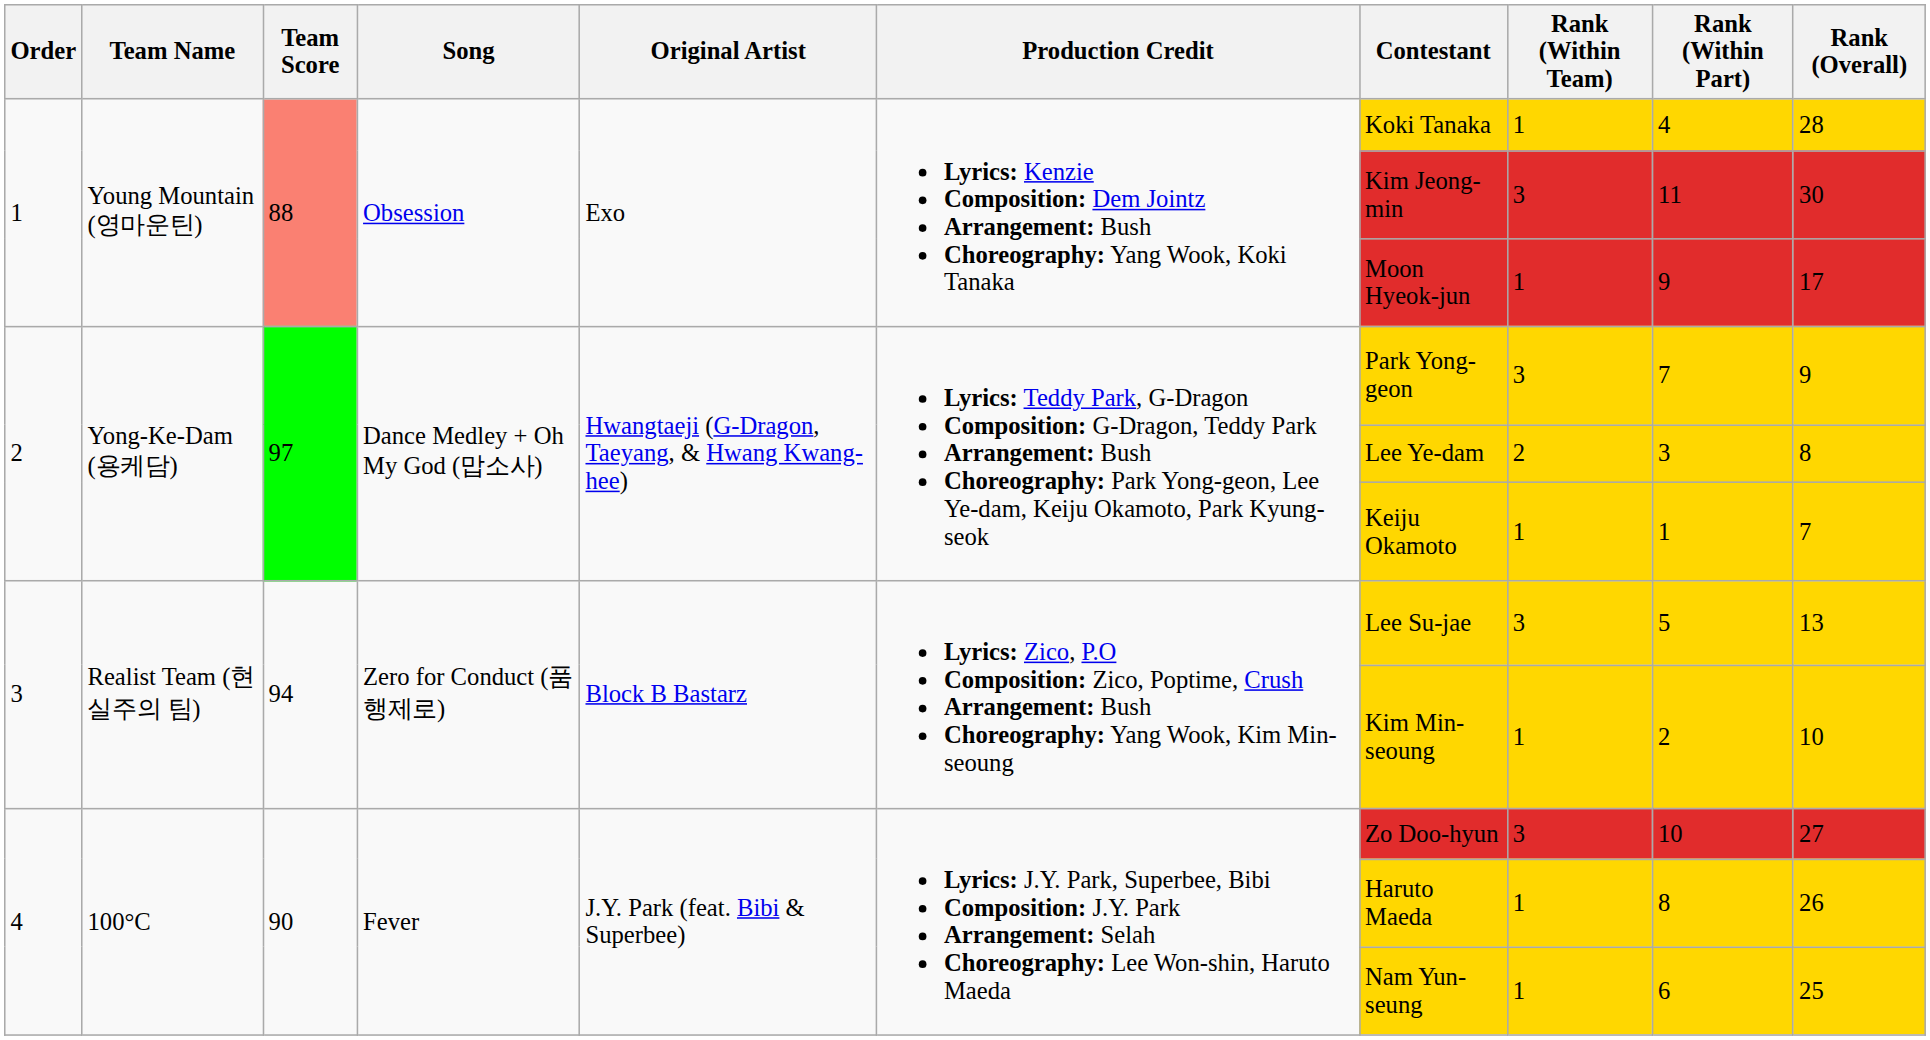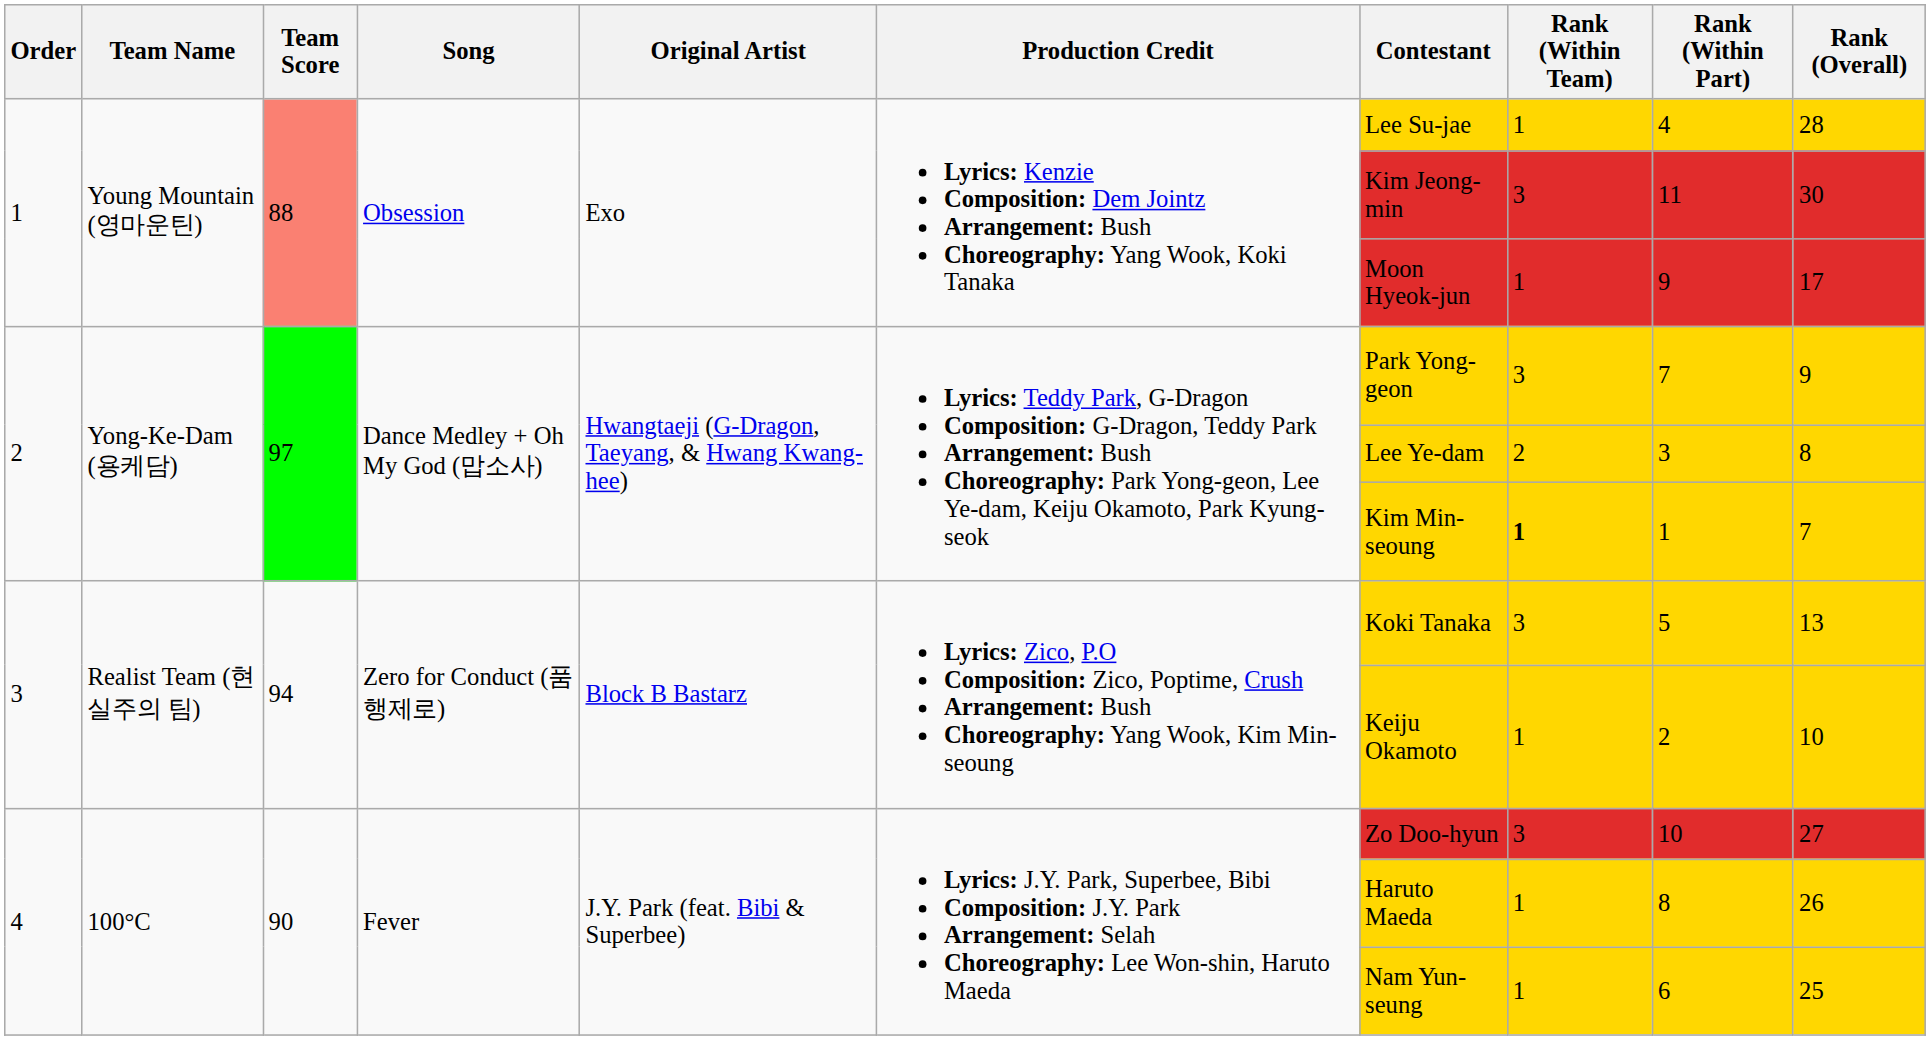 <table class="wikitable">
 <tr>
 <th>Order</th>
 <th>Team Name</th>
 <th>Team Score</th>
 <th>Song</th>
 <th>Original Artist</th>
 <th>Production Credit</th>
 <th>Contestant</th>
 <th>Rank (Within Team)</th>
 <th>Rank (Within Part)</th>
 <th>Rank (Overall)</th>
 </tr>
 <tr>
 <td rowspan="3">1</td>
 <td rowspan="3">Young Mountain (영마운틴)</td>
 <td rowspan="3" style="background:salmon">88</td>
 <td rowspan="3"><a href='#'>Obsession</a></td>
 <td rowspan="3">Exo</td>
 <td rowspan="3"><br><ul><li><strong>Lyrics:</strong> <a href='#'>Kenzie</a></li><li><strong>Composition:</strong> <a href='#'>Dem Jointz</a></li><li><strong>Arrangement:</strong> Bush</li><li><strong>Choreography:</strong> Yang Wook, Koki Tanaka</li></ul></td>
-<td style="background:#FFD700;">Koki Tanaka</td>
+<td style="background:#FFD700;">Lee Su-jae</td>
 <td style="background:#FFD700;">1</td>
 <td style="background:#FFD700;">4</td>
 <td style="background:#FFD700;">28</td>
 </tr>
 <tr style="background:#E12C2C;">
 <td>Kim Jeong-min</td>
 <td>3</td>
 <td>11</td>
 <td>30</td>
 </tr>
 <tr style="background:#E12C2C;">
 <td>Moon Hyeok-jun</td>
 <td>1</td>
 <td>9</td>
 <td>17</td>
 </tr>
 <tr>
 <td rowspan="3">2</td>
 <td rowspan="3">Yong-Ke-Dam (용케담)</td>
 <td rowspan="3" style="background:#00FF00">97</td>
 <td rowspan="3">Dance Medley + Oh My God (맙소사)</td>
 <td rowspan="3"><a href='#'>Hwangtaeji</a> (<a href='#'>G-Dragon</a>, <a href='#'>Taeyang</a>, & <a href='#'>Hwang Kwang-hee</a>)</td>
 <td rowspan="3"><br><ul><li><strong>Lyrics:</strong> <a href='#'>Teddy Park</a>, G-Dragon</li><li><strong>Composition:</strong> G-Dragon, Teddy Park</li><li><strong>Arrangement:</strong> Bush</li><li><strong>Choreography:</strong> Park Yong-geon, Lee Ye-dam, Keiju Okamoto, Park Kyung-seok</li></ul></td>
 <td style="background:#FFD700;">Park Yong-geon</td>
 <td style="background:#FFD700;">3</td>
 <td style="background:#FFD700;">7</td>
 <td style="background:#FFD700;">9</td>
 </tr>
 <tr style="background:#FFD700;">
 <td>Lee Ye-dam</td>
 <td>2</td>
 <td>3</td>
 <td>8</td>
 </tr>
 <tr style="background:#FFD700;">
-<td>Keiju Okamoto</td>
-<td>1</td>
+<td>Kim Min-seoung</td>
+<td><strong>1</strong></td>
 <td>1</td>
 <td>7</td>
 </tr>
 <tr>
 <td rowspan="2">3</td>
 <td rowspan="2">Realist Team (현실주의 팀)</td>
 <td rowspan="2">94</td>
 <td rowspan="2">Zero for Conduct (품행제로)</td>
 <td rowspan="2"><a href='#'>Block B Bastarz</a></td>
 <td rowspan="2"><br><ul><li><strong>Lyrics:</strong> <a href='#'>Zico</a>, <a href='#'>P.O</a></li><li><strong>Composition:</strong> Zico, Poptime, <a href='#'>Crush</a></li><li><strong>Arrangement:</strong> Bush</li><li><strong>Choreography:</strong> Yang Wook, Kim Min-seoung</li></ul></td>
-<td style="background:#FFD700;">Lee Su-jae</td>
+<td style="background:#FFD700;">Koki Tanaka</td>
 <td style="background:#FFD700;">3</td>
 <td style="background:#FFD700;">5</td>
 <td style="background:#FFD700;">13</td>
 </tr>
 <tr style="background:#FFD700;">
-<td>Kim Min-seoung</td>
+<td>Keiju Okamoto</td>
 <td>1</td>
 <td>2</td>
 <td>10</td>
 </tr>
 <tr>
 <td rowspan="3">4</td>
 <td rowspan="3">100°C</td>
 <td rowspan="3">90</td>
 <td rowspan="3">Fever</td>
 <td rowspan="3">J.Y. Park (feat. <a href='#'>Bibi</a> & Superbee)</td>
 <td rowspan="3"><br><ul><li><strong>Lyrics:</strong> J.Y. Park, Superbee, Bibi</li><li><strong>Composition:</strong> J.Y. Park</li><li><strong>Arrangement:</strong> Selah</li><li><strong>Choreography:</strong> Lee Won-shin, Haruto Maeda</li></ul></td>
 <td style="background:#E12C2C;">Zo Doo-hyun</td>
 <td style="background:#E12C2C;">3</td>
 <td style="background:#E12C2C;">10</td>
 <td style="background:#E12C2C;">27</td>
 </tr>
 <tr style="background:#FFD700;">
 <td>Haruto Maeda</td>
 <td>1</td>
 <td>8</td>
 <td>26</td>
 </tr>
 <tr style="background:#FFD700;">
 <td>Nam Yun-seung</td>
 <td>1</td>
 <td>6</td>
 <td>25</td>
 </tr>
 </table>
